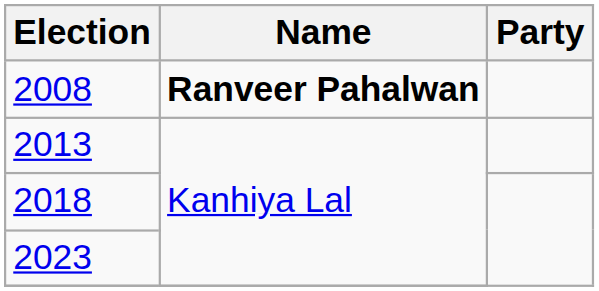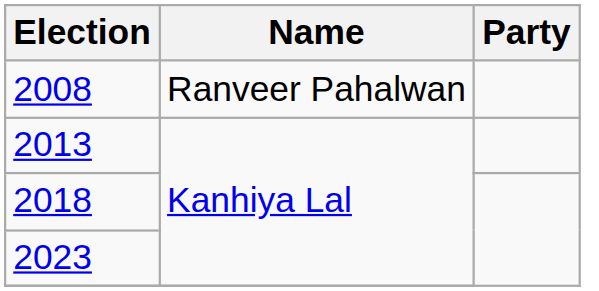 <table class="wikitable sortable">
 <tr>
 <th>Election</th>
 <th>Name</th>
 <th colspan=2>Party</th>
 </tr>
 <tr>
 <td><a href='#'>2008</a></td>
-<td><strong>Ranveer Pahalwan</strong></td>
+<td>Ranveer Pahalwan</td>
 <td></td>
 </tr>
 <tr>
 <td><a href='#'>2013</a></td>
 <td rowspan=3><a href='#'>Kanhiya Lal</a></td>
 <td></td>
 </tr>
 <tr>
 <td><a href='#'>2018</a></td>
 </tr>
 <tr>
 <td><a href='#'>2023</a></td>
 </tr>
 <tr>
 </tr>
 </table>
